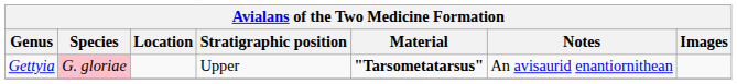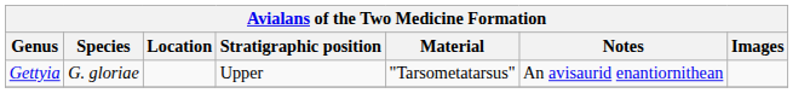 <table class="wikitable" align="center">
 <tr>
 <th colspan="7" align="center"><strong><a href='#'>Avialans</a> of the Two Medicine Formation</strong></th>
 </tr>
 <tr>
 <th>Genus</th>
 <th>Species</th>
 <th>Location</th>
 <th>Stratigraphic position</th>
 <th>Material</th>
 <th>Notes</th>
 <th>Images</th>
 </tr>
 <tr>
 <td><em><a href='#'>Gettyia</a></em></td>
-<td style="background: pink;"><em>G. gloriae</em></td>
+<td><em>G. gloriae</em></td>
 <td></td>
 <td>Upper</td>
-<td><strong>"Tarsometatarsus"</strong></td>
+<td>"Tarsometatarsus"</td>
 <td>An <a href='#'>avisaurid</a> <a href='#'>enantiornithean</a></td>
 <td></td>
 </tr>
 <tr>
 </tr>
 </table>
